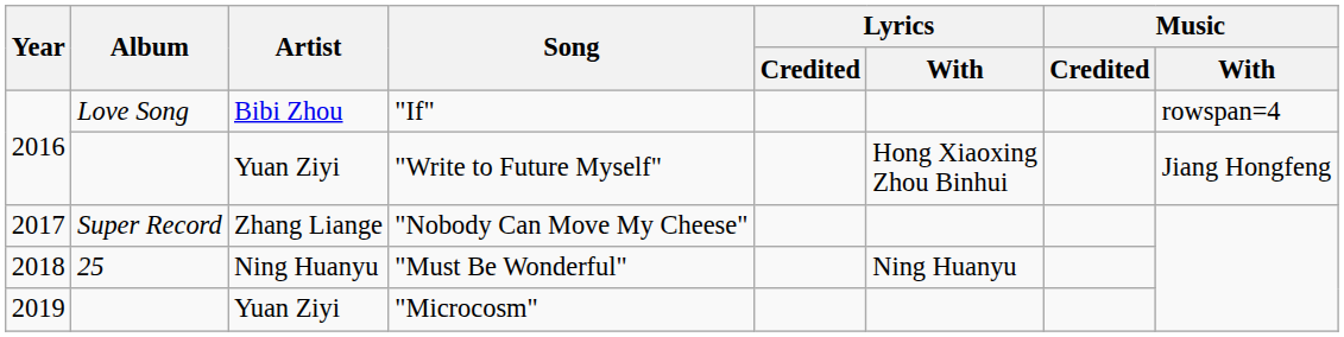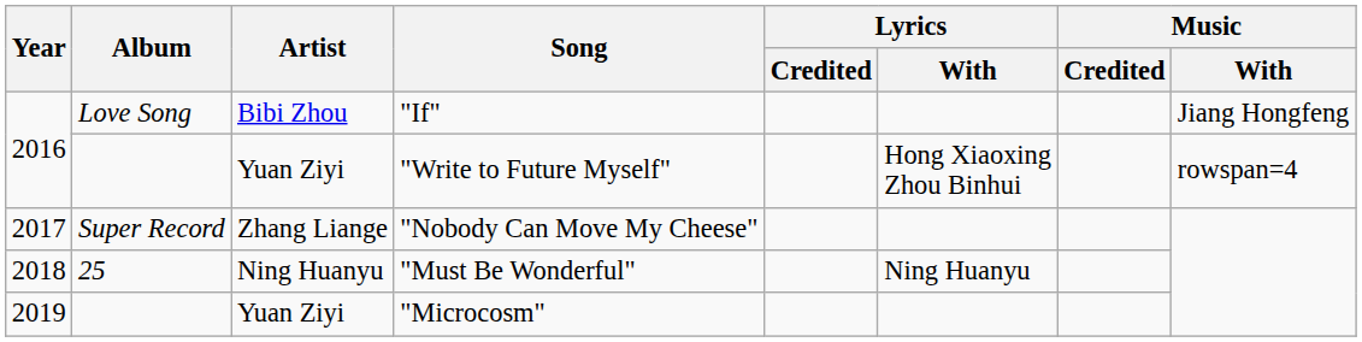 <table class="wikitable">
 <tr>
 <th rowspan="2">Year</th>
 <th rowspan="2">Album</th>
 <th rowspan="2">Artist</th>
 <th rowspan="2">Song</th>
 <th colspan="2">Lyrics</th>
 <th colspan="2">Music</th>
 </tr>
 <tr>
 <th>Credited</th>
 <th>With</th>
 <th>Credited</th>
 <th>With</th>
 </tr>
 <tr>
 <td rowspan="2" style="text-align:center;">2016</td>
 <td><em>Love Song</em></td>
 <td><a href='#'>Bibi Zhou</a></td>
 <td>"If"</td>
 <td></td>
 <td></td>
 <td></td>
-<td>rowspan=4 </td>
+<td>Jiang Hongfeng</td>
 </tr>
 <tr>
 <td></td>
 <td>Yuan Ziyi</td>
 <td>"Write to Future Myself"</td>
 <td></td>
 <td>Hong Xiaoxing<br>Zhou Binhui</td>
 <td></td>
-<td>Jiang Hongfeng</td>
+<td>rowspan=4 </td>
 </tr>
 <tr>
 <td style="text-align:center;">2017</td>
 <td><em>Super Record</em></td>
 <td>Zhang Liange</td>
 <td>"Nobody Can Move My Cheese"</td>
 <td></td>
 <td></td>
 <td></td>
 </tr>
 <tr>
 <td style="text-align:center;">2018</td>
 <td><em>25</em></td>
 <td>Ning Huanyu</td>
 <td>"Must Be Wonderful"</td>
 <td></td>
 <td>Ning Huanyu</td>
 <td></td>
 </tr>
 <tr>
 <td style="text-align:center;">2019</td>
 <td></td>
 <td>Yuan Ziyi</td>
 <td>"Microcosm"</td>
 <td></td>
 <td></td>
 <td></td>
 </tr>
 </table>
